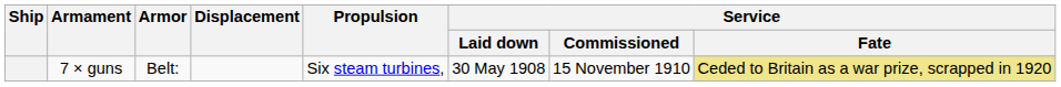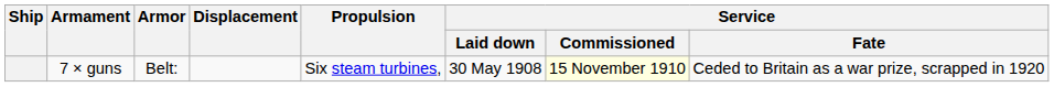 <table class="wikitable plainrowheaders" style="text-align: center;">
 <tr valign="top">
 <th scope="col" rowspan="2">Ship</th>
 <th scope="col" rowspan="2">Armament</th>
 <th scope="col" rowspan="2">Armor</th>
 <th scope="col" rowspan="2">Displacement</th>
 <th scope="col" rowspan="2">Propulsion</th>
 <th scope="col" colspan="3">Service</th>
 </tr>
 <tr valign="top">
 <th scope="col">Laid down</th>
 <th scope="col">Commissioned</th>
 <th scope="col">Fate</th>
 </tr>
 <tr valign="center">
 <th scope="row"></th>
 <td>7 ×  guns</td>
 <td>Belt: </td>
 <td></td>
 <td>Six <a href='#'>steam turbines</a>, </td>
 <td>30 May 1908</td>
-<td>15 November 1910</td>
-<td style="background: khaki;">Ceded to Britain as a war prize, scrapped in 1920</td>
+<td style="background: lightyellow;">15 November 1910</td>
+<td>Ceded to Britain as a war prize, scrapped in 1920</td>
 </tr>
 </table>
